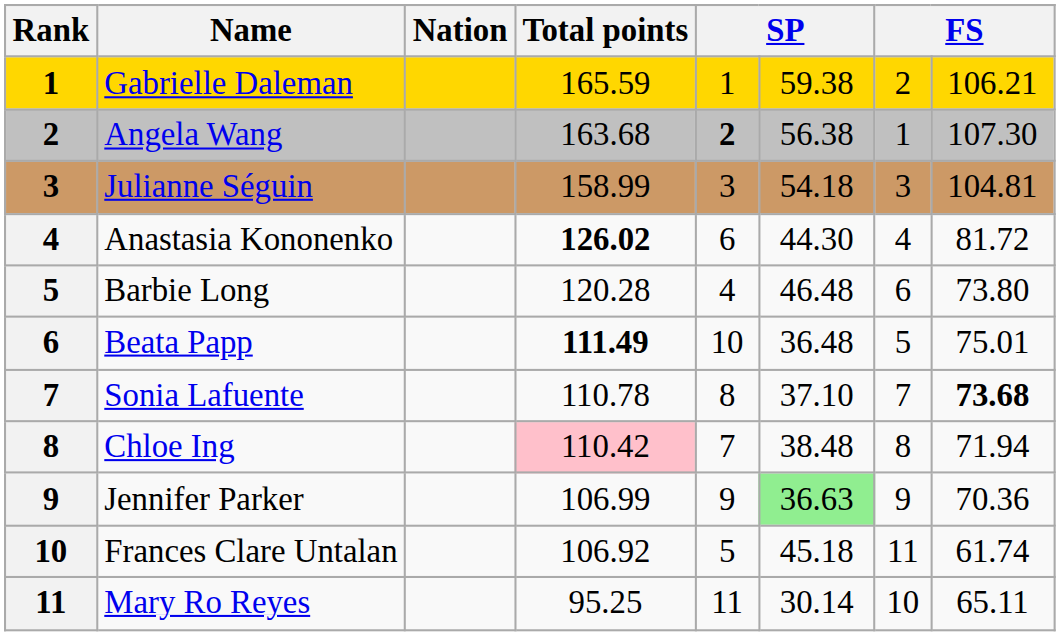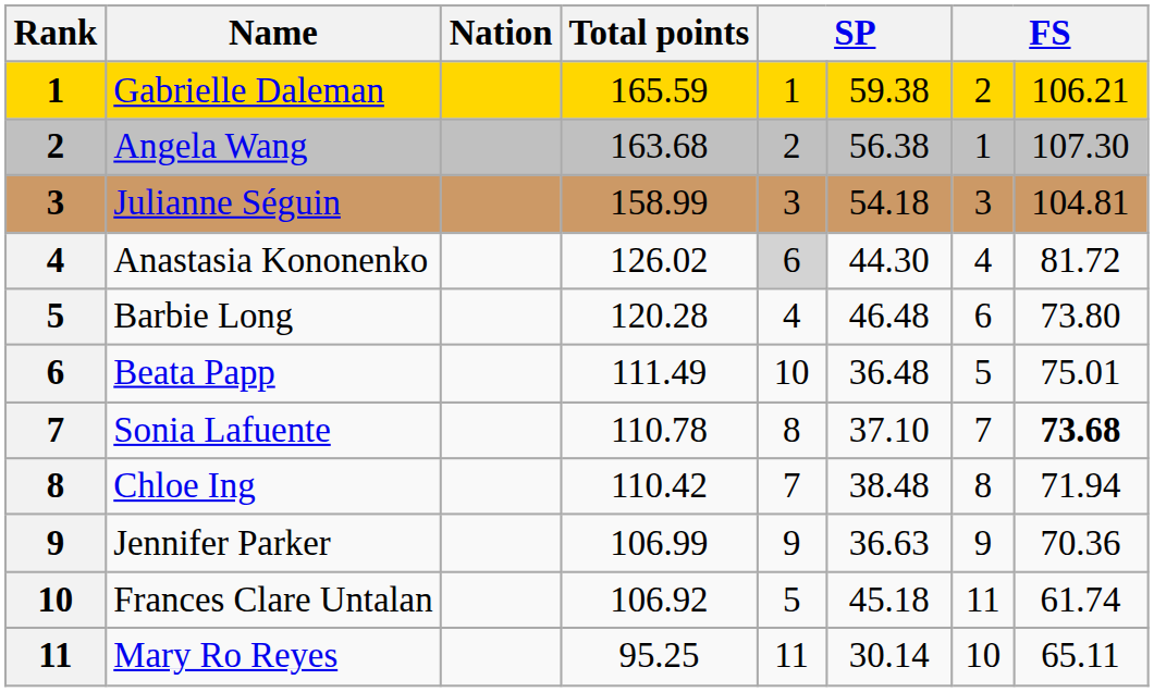 <table class="wikitable sortable">
 <tr>
 <th>Rank</th>
 <th>Name</th>
 <th>Nation</th>
 <th>Total points</th>
 <th colspan="2" width="80px"><a href='#'>SP</a></th>
 <th colspan="2" width="80px"><a href='#'>FS</a></th>
 </tr>
 <tr bgcolor="gold">
 <td align="center"><strong>1</strong></td>
 <td><a href='#'>Gabrielle Daleman</a></td>
 <td></td>
 <td align="center">165.59</td>
 <td align="center">1</td>
 <td align="center">59.38</td>
 <td align="center">2</td>
 <td align="center">106.21</td>
 </tr>
 <tr bgcolor="silver">
 <td align="center"><strong>2</strong></td>
 <td><a href='#'>Angela Wang</a></td>
 <td></td>
 <td align="center">163.68</td>
-<td align="center"><strong>2</strong></td>
+<td align="center">2</td>
 <td align="center">56.38</td>
 <td align="center">1</td>
 <td align="center">107.30</td>
 </tr>
 <tr bgcolor="cc9966">
 <td align="center"><strong>3</strong></td>
 <td><a href='#'>Julianne Séguin</a></td>
 <td></td>
 <td align="center">158.99</td>
 <td align="center">3</td>
 <td align="center">54.18</td>
 <td align="center">3</td>
 <td align="center">104.81</td>
 </tr>
 <tr>
 <th>4</th>
 <td>Anastasia Kononenko</td>
 <td></td>
-<td align="center"><strong>126.02</strong></td>
-<td align="center">6</td>
+<td align="center">126.02</td>
+<td align="center" style="background: lightgrey;">6</td>
 <td align="center">44.30</td>
 <td align="center">4</td>
 <td align="center">81.72</td>
 </tr>
 <tr>
 <th>5</th>
 <td>Barbie Long</td>
 <td></td>
 <td align="center">120.28</td>
 <td align="center">4</td>
 <td align="center">46.48</td>
 <td align="center">6</td>
 <td align="center">73.80</td>
 </tr>
 <tr>
 <th>6</th>
 <td><a href='#'>Beata Papp</a></td>
 <td></td>
-<td align="center"><strong>111.49</strong></td>
+<td align="center">111.49</td>
 <td align="center">10</td>
 <td align="center">36.48</td>
 <td align="center">5</td>
 <td align="center">75.01</td>
 </tr>
 <tr>
 <th>7</th>
 <td><a href='#'>Sonia Lafuente</a></td>
 <td></td>
 <td align="center">110.78</td>
 <td align="center">8</td>
 <td align="center">37.10</td>
 <td align="center">7</td>
 <td align="center"><strong>73.68</strong></td>
 </tr>
 <tr>
 <th>8</th>
 <td><a href='#'>Chloe Ing</a></td>
 <td></td>
-<td align="center" style="background: pink;">110.42</td>
+<td align="center">110.42</td>
 <td align="center">7</td>
 <td align="center">38.48</td>
 <td align="center">8</td>
 <td align="center">71.94</td>
 </tr>
 <tr>
 <th>9</th>
 <td>Jennifer Parker</td>
 <td></td>
 <td align="center">106.99</td>
 <td align="center">9</td>
-<td align="center" style="background: lightgreen;">36.63</td>
+<td align="center">36.63</td>
 <td align="center">9</td>
 <td align="center">70.36</td>
 </tr>
 <tr>
 <th>10</th>
 <td>Frances Clare Untalan</td>
 <td></td>
 <td align="center">106.92</td>
 <td align="center">5</td>
 <td align="center">45.18</td>
 <td align="center">11</td>
 <td align="center">61.74</td>
 </tr>
 <tr>
 <th>11</th>
 <td><a href='#'>Mary Ro Reyes</a></td>
 <td></td>
 <td align="center">95.25</td>
 <td align="center">11</td>
 <td align="center">30.14</td>
 <td align="center">10</td>
 <td align="center">65.11</td>
 </tr>
 </table>
